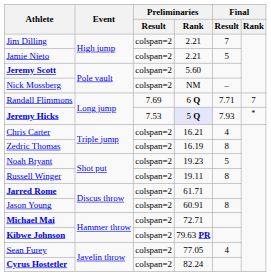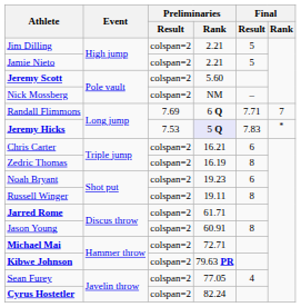 <table class="wikitable" style="font-size:90%">
 <tr>
 <th rowspan=2>Athlete</th>
 <th rowspan=2>Event</th>
 <th colspan=2>Preliminaries</th>
 <th colspan=2>Final</th>
 </tr>
 <tr>
 <th>Result</th>
 <th>Rank</th>
 <th>Result</th>
 <th>Rank</th>
 </tr>
 <tr align=center>
 <td align=left><a href='#'>Jim Dilling</a></td>
 <td align=left rowspan=2><a href='#'>High jump</a></td>
 <td>colspan=2 </td>
 <td>2.21</td>
-<td>7</td>
+<td>5</td>
 </tr>
 <tr align=center>
 <td align=left><a href='#'>Jamie Nieto</a></td>
 <td>colspan=2 </td>
 <td>2.21</td>
 <td>5</td>
 </tr>
 <tr align=center>
 <td align=left><strong><a href='#'>Jeremy Scott</a></strong></td>
 <td align=left rowspan=2><a href='#'>Pole vault</a></td>
 <td>colspan=2 </td>
 <td>5.60</td>
 <td></td>
 </tr>
 <tr align=center>
 <td align=left><a href='#'>Nick Mossberg</a></td>
 <td>colspan=2 </td>
 <td>NM</td>
 <td>–</td>
 </tr>
 <tr align=center>
 <td align=left><a href='#'>Randall Flimmons</a></td>
 <td align=left rowspan=2><a href='#'>Long jump</a></td>
 <td>7.69</td>
 <td>6 <strong>Q</strong></td>
 <td>7.71</td>
 <td>7</td>
 </tr>
 <tr align=center>
 <td align=left><strong><a href='#'>Jeremy Hicks</a></strong></td>
 <td>7.53</td>
 <td style="background: lavender;">5 <strong>Q</strong></td>
-<td>7.93</td>
+<td>7.83</td>
 <td><sup>*</sup></td>
 </tr>
 <tr align=center>
 <td align=left><a href='#'>Chris Carter</a></td>
 <td align=left rowspan=2><a href='#'>Triple jump</a></td>
 <td>colspan=2 </td>
 <td>16.21</td>
-<td>4</td>
+<td>6</td>
 </tr>
 <tr align=center>
 <td align=left><a href='#'>Zedric Thomas</a></td>
 <td>colspan=2 </td>
 <td>16.19</td>
 <td>8</td>
 </tr>
 <tr align=center>
 <td align=left><a href='#'>Noah Bryant</a></td>
 <td align=left rowspan=2><a href='#'>Shot put</a></td>
 <td>colspan=2 </td>
 <td>19.23</td>
-<td>5</td>
+<td>6</td>
 </tr>
 <tr align=center>
 <td align=left><a href='#'>Russell Winger</a></td>
 <td>colspan=2 </td>
 <td>19.11</td>
 <td>8</td>
 </tr>
 <tr align=center>
 <td align=left><strong><a href='#'>Jarred Rome</a></strong></td>
 <td align=left rowspan=2><a href='#'>Discus throw</a></td>
 <td>colspan=2 </td>
 <td>61.71</td>
 <td></td>
 </tr>
 <tr align=center>
 <td align=left><a href='#'>Jason Young</a></td>
 <td>colspan=2 </td>
 <td>60.91</td>
 <td>8</td>
 </tr>
 <tr align=center>
 <td align=left><strong><a href='#'>Michael Mai</a></strong></td>
 <td align=left rowspan=2><a href='#'>Hammer throw</a></td>
 <td>colspan=2 </td>
 <td>72.71</td>
 <td></td>
 </tr>
 <tr align=center>
 <td align=left><strong><a href='#'>Kibwe Johnson</a></strong></td>
 <td>colspan=2 </td>
 <td>79.63 <strong><a href='#'>PR</a></strong></td>
 <td></td>
 </tr>
 <tr align=center>
 <td align=left><a href='#'>Sean Furey</a></td>
 <td align=left rowspan=2><a href='#'>Javelin throw</a></td>
 <td>colspan=2 </td>
 <td>77.05</td>
 <td>4</td>
 </tr>
 <tr align=center>
 <td align=left><strong><a href='#'>Cyrus Hostetler</a></strong></td>
 <td>colspan=2 </td>
 <td>82.24</td>
 <td></td>
 </tr>
 </table>
